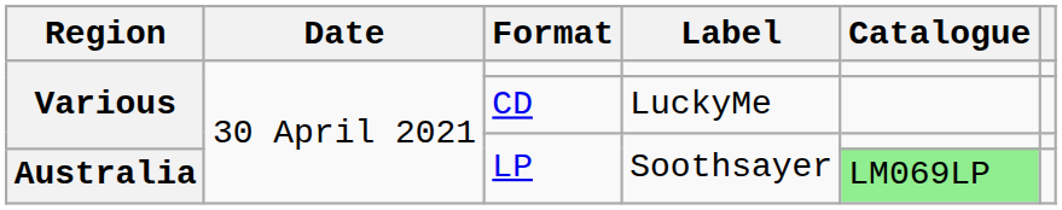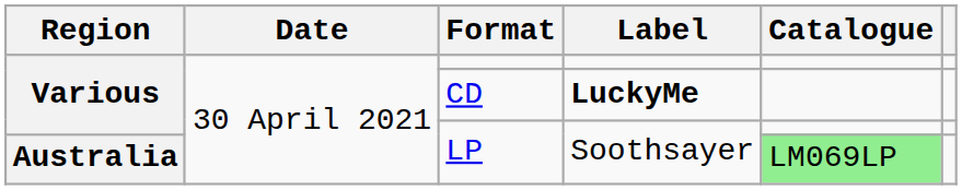 <table class="wikitable plainrowheaders">
 <tr>
 <th scope="col">Region</th>
 <th scope="col">Date</th>
 <th scope="col">Format</th>
 <th scope="col">Label</th>
 <th scope="col">Catalogue</th>
 <th scope="col"></th>
 </tr>
 <tr>
 <th scope="row" rowspan="3">Various</th>
 <td rowspan="4">30 April 2021</td>
 <td></td>
 <td></td>
 <td></td>
 <td></td>
 </tr>
 <tr>
 <td><a href='#'>CD</a></td>
-<td>LuckyMe</td>
+<td><strong>LuckyMe</strong></td>
 <td></td>
 <td></td>
 </tr>
 <tr>
 <td rowspan="2"><a href='#'>LP</a></td>
 <td rowspan="2">Soothsayer</td>
 <td></td>
 <td></td>
 </tr>
 <tr>
 <th scope="row">Australia</th>
 <td style="background: lightgreen;">LM069LP</td>
 <td></td>
 </tr>
 </table>
